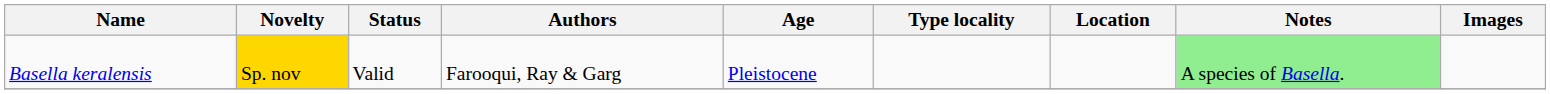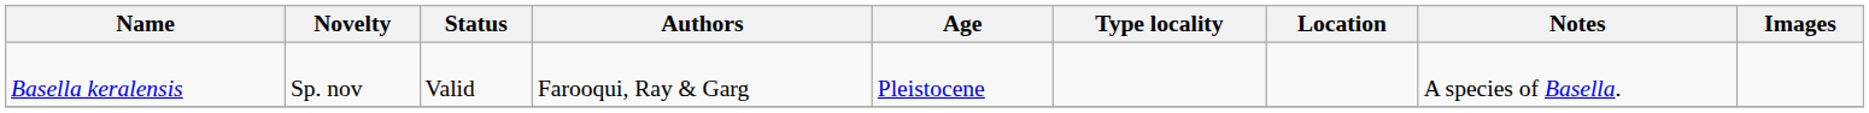 <table class="wikitable sortable" align="center" width="100%">
 <tr>
 <th>Name</th>
 <th>Novelty</th>
 <th>Status</th>
 <th>Authors</th>
 <th>Age</th>
 <th>Type locality</th>
 <th>Location</th>
 <th>Notes</th>
 <th>Images</th>
 </tr>
 <tr>
 <td><br><em><a href='#'>Basella keralensis</a></em></td>
-<td style="background: gold;"><br>Sp. nov</td>
+<td><br>Sp. nov</td>
 <td><br>Valid</td>
 <td><br>Farooqui, Ray & Garg</td>
 <td><br><a href='#'>Pleistocene</a></td>
 <td></td>
 <td><br></td>
-<td style="background: lightgreen;"><br>A species of <em><a href='#'>Basella</a></em>.</td>
+<td><br>A species of <em><a href='#'>Basella</a></em>.</td>
 <td></td>
 </tr>
 <tr>
 </tr>
 </table>
